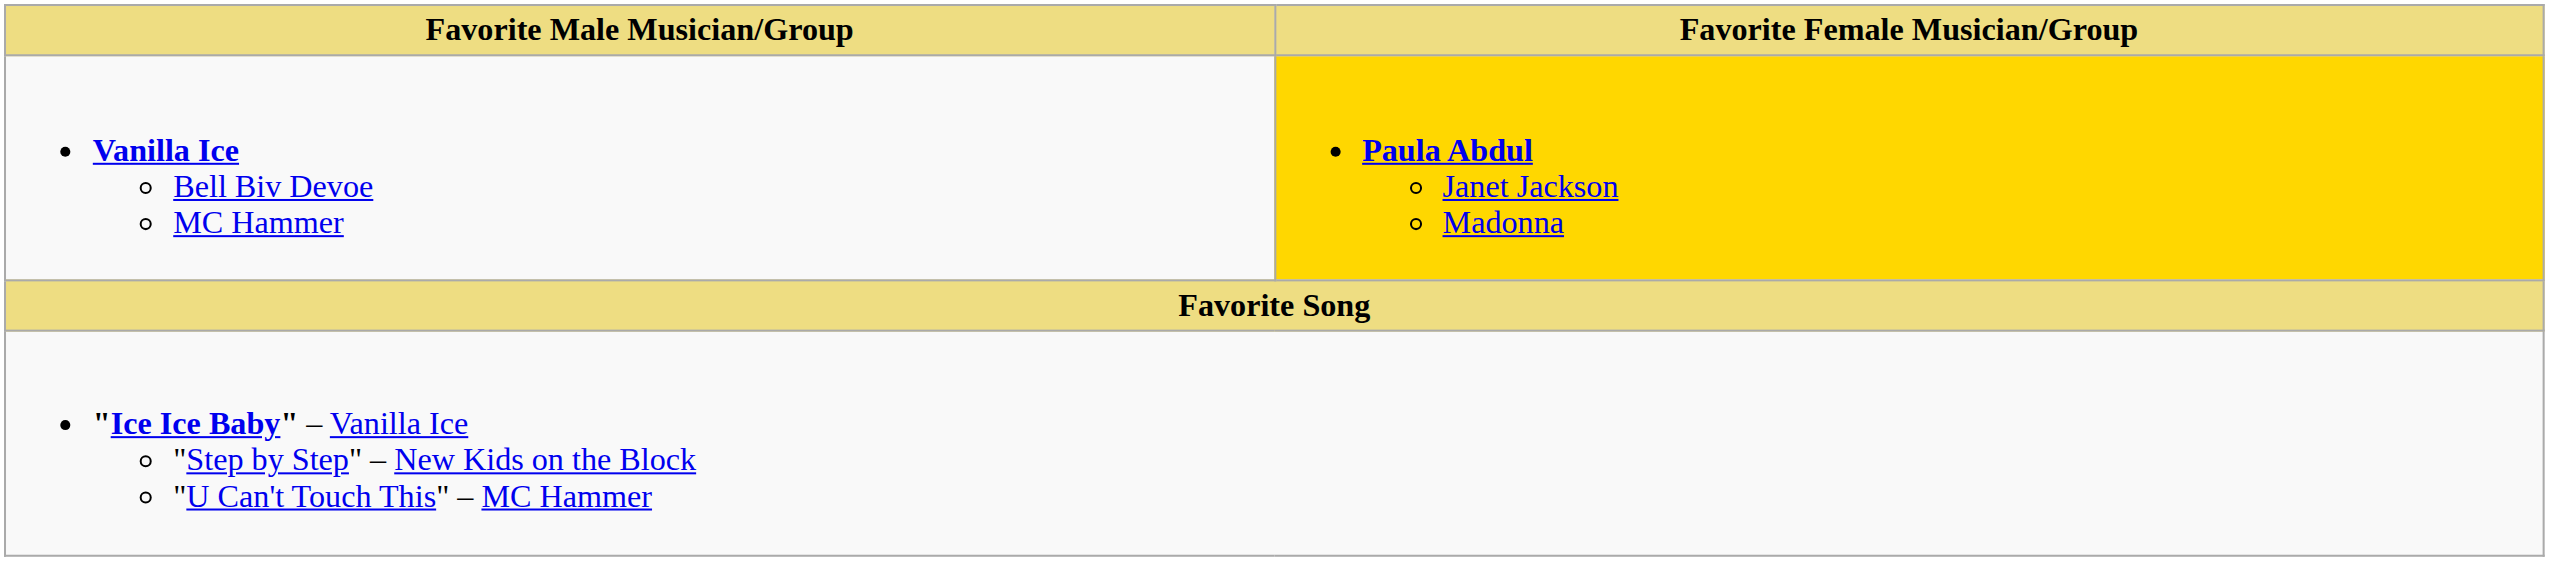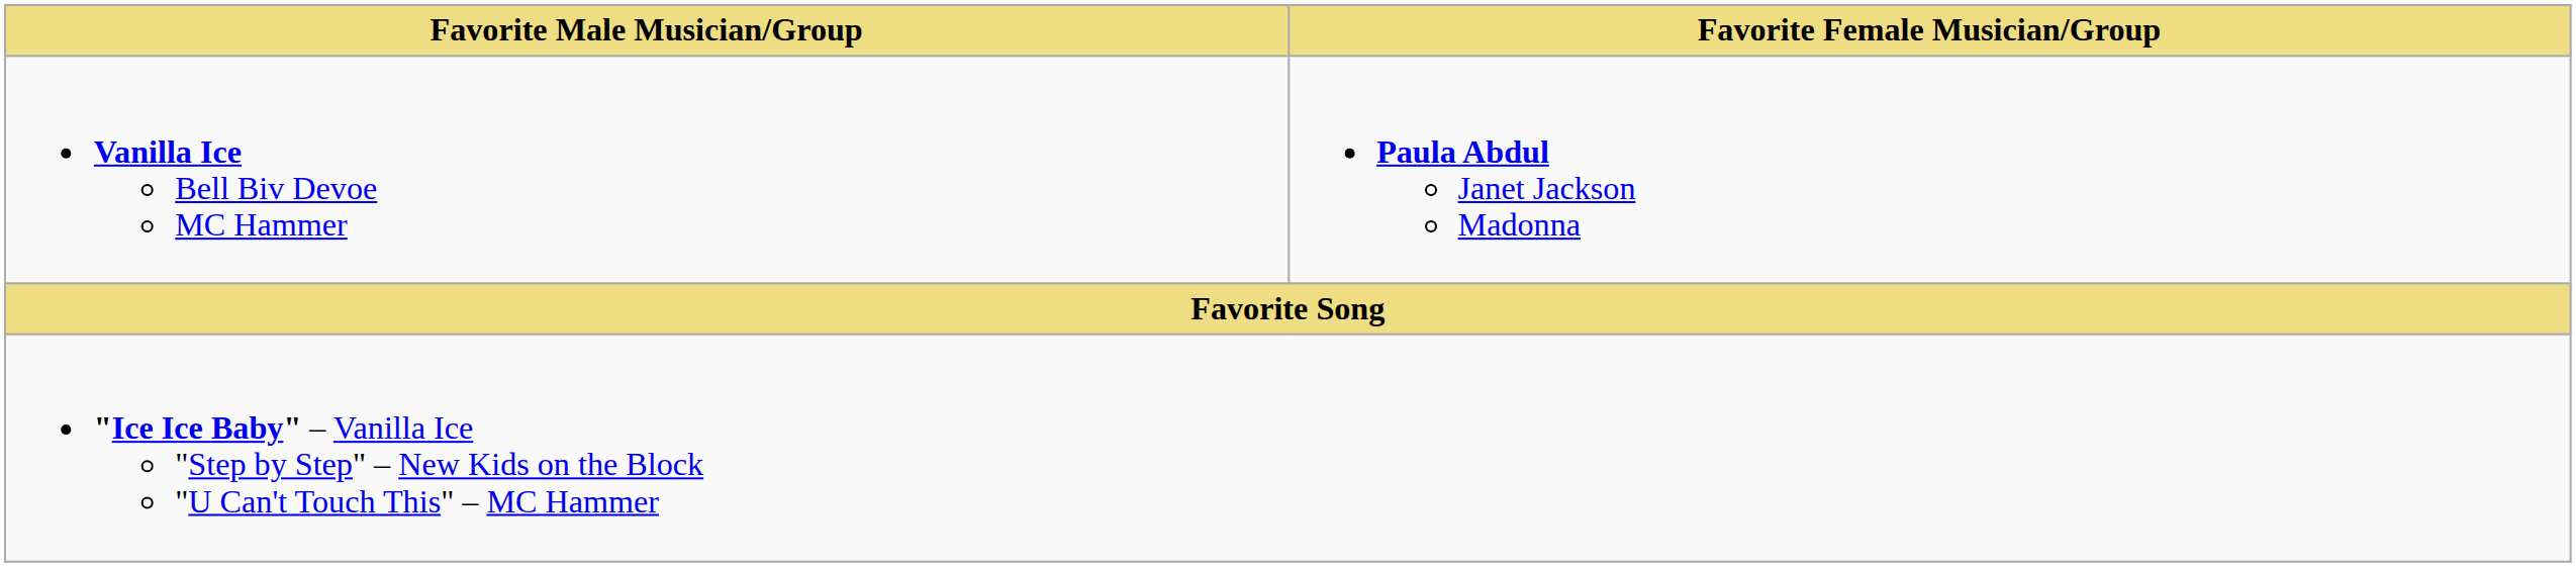 <table class="wikitable" style="width:100%">
 <tr>
 <th style="background:#EEDD82; width:50%">Favorite Male Musician/Group</th>
 <th style="background:#EEDD82; width:50%">Favorite Female Musician/Group</th>
 </tr>
 <tr>
 <td valign="top"><br><ul><li><strong><a href='#'>Vanilla Ice</a></strong><ul><li><a href='#'>Bell Biv Devoe</a></li><li><a href='#'>MC Hammer</a></li></ul></li></ul></td>
-<td valign="top" style="background: gold;"><br><ul><li><strong><a href='#'>Paula Abdul</a></strong><ul><li><a href='#'>Janet Jackson</a></li><li><a href='#'>Madonna</a></li></ul></li></ul></td>
+<td valign="top"><br><ul><li><strong><a href='#'>Paula Abdul</a></strong><ul><li><a href='#'>Janet Jackson</a></li><li><a href='#'>Madonna</a></li></ul></li></ul></td>
 </tr>
 <tr>
 <th style="background:#EEDD82;" colspan="2">Favorite Song</th>
 </tr>
 <tr>
 <td colspan="2" valign="top"><br><ul><li><strong>"<a href='#'>Ice Ice Baby</a>"</strong> – <a href='#'>Vanilla Ice</a><ul><li>"<a href='#'>Step by Step</a>" – <a href='#'>New Kids on the Block</a></li><li>"<a href='#'>U Can't Touch This</a>" – <a href='#'>MC Hammer</a></li></ul></li></ul></td>
 </tr>
 </table>
